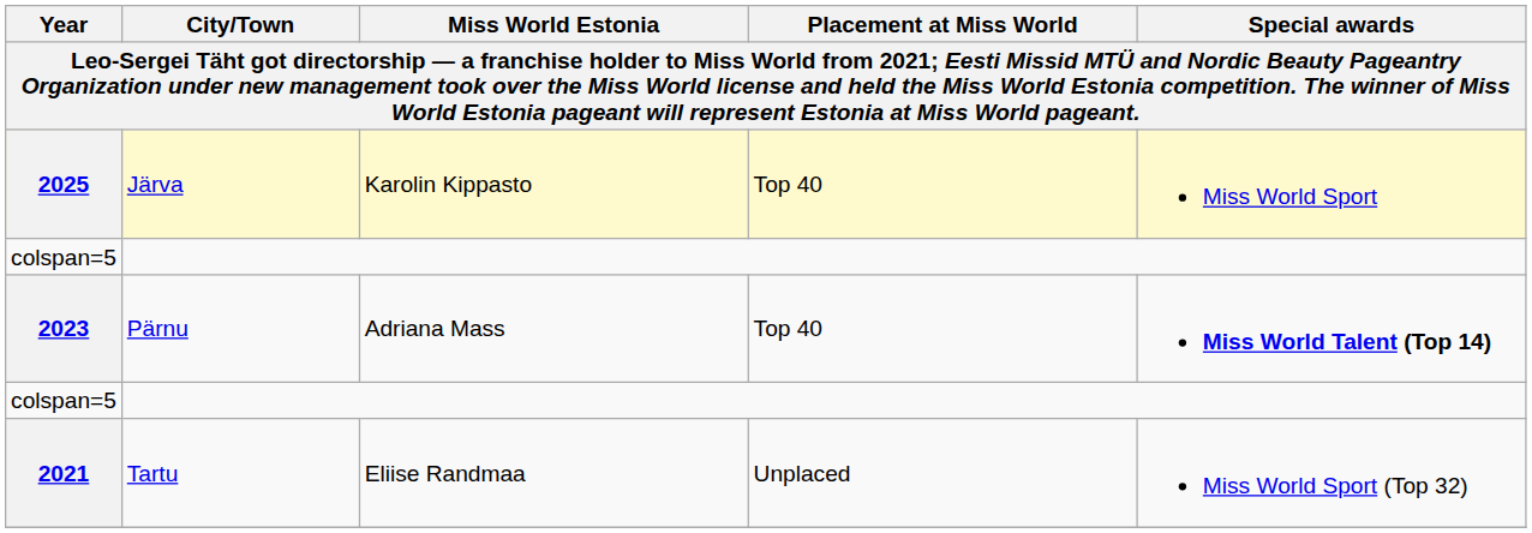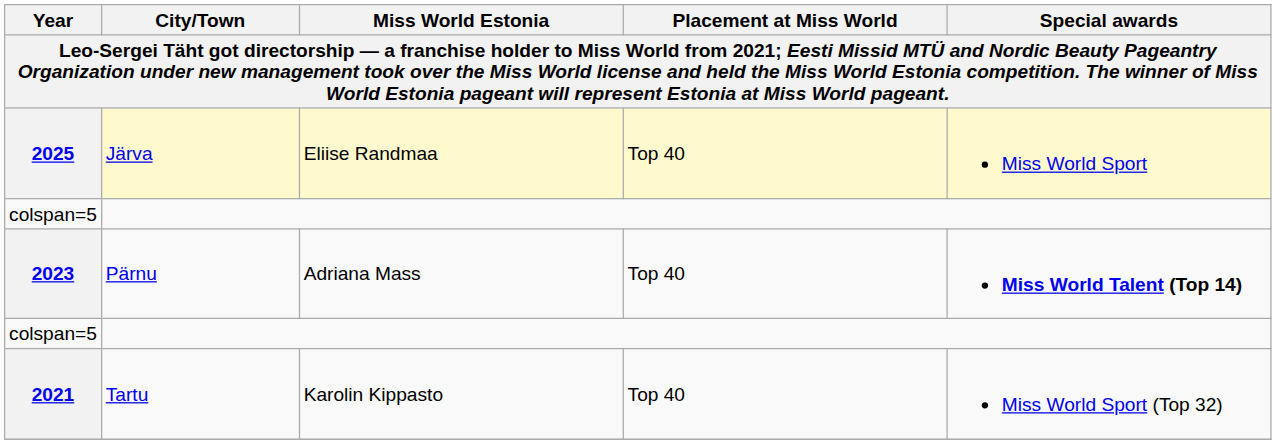 <table class="wikitable " style="font-size: 95%;">
 <tr>
 <th width="60">Year</th>
 <th width="150">City/Town</th>
 <th width="250">Miss World Estonia</th>
 <th width="250">Placement at Miss World</th>
 <th width="250">Special awards</th>
 </tr>
 <tr>
 <th colspan="5">Leo-Sergei Täht got directorship — a franchise holder to Miss World from 2021; <em>Eesti Missid MTÜ  and Nordic Beauty Pageantry Organization under new management took over the Miss World license and held the Miss World Estonia competition. The winner of Miss World Estonia pageant will represent Estonia at Miss World pageant.</em></th>
 </tr>
 <tr style="background-color:#FFFACD">
 <th><a href='#'>2025</a></th>
 <td><a href='#'>Järva</a></td>
-<td>Karolin Kippasto</td>
+<td>Eliise Randmaa</td>
 <td>Top 40</td>
 <td><br><ul><li><a href='#'>Miss World Sport</a></li></ul></td>
 </tr>
 <tr>
 <td>colspan=5 </td>
 </tr>
 <tr>
 <th><a href='#'>2023</a></th>
 <td><a href='#'>Pärnu</a></td>
 <td>Adriana Mass</td>
 <td>Top 40</td>
 <td><strong><br><ul><li><a href='#'>Miss World Talent</a> (Top 14)</li></ul></strong></td>
 </tr>
 <tr>
 <td>colspan=5 </td>
 </tr>
 <tr>
 <th><a href='#'>2021</a></th>
 <td><a href='#'>Tartu</a></td>
-<td>Eliise Randmaa</td>
-<td>Unplaced</td>
+<td>Karolin Kippasto</td>
+<td>Top 40</td>
 <td><br><ul><li><a href='#'>Miss World Sport</a> (Top 32)</li></ul></td>
 </tr>
 <tr>
 </tr>
 </table>
